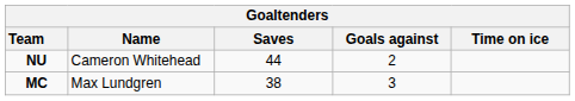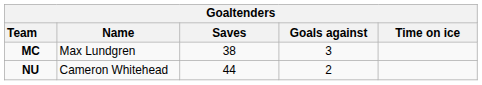 <table class="wikitable" style="width:40em; text-align:right;">
 <tr>
 <th colspan=5>Goaltenders</th>
 </tr>
 <tr>
 <th style="width:4em; text-align:left;">Team</th>
 <th style="width:10em;">Name</th>
 <th style="width:8em;">Saves</th>
 <th style="width:8em;">Goals against</th>
 <th style="width:8em;">Time on ice</th>
 </tr>
 <tr>
+<td align=center><strong>MC</strong></td>
+<td style="text-align:left;">Max Lundgren</td>
+<td align=center>38</td>
+<td align=center>3</td>
+<td align=center></td>
+</tr>
+<tr>
 <td align=center><strong>NU</strong></td>
 <td style="text-align:left;">Cameron Whitehead</td>
 <td align=center>44</td>
 <td align=center>2</td>
 <td align=center></td>
 </tr>
-<tr>
-<td align=center><strong>MC</strong></td>
-<td style="text-align:left;">Max Lundgren</td>
-<td align=center>38</td>
-<td align=center>3</td>
-<td align=center></td>
-</tr>
 </table>
